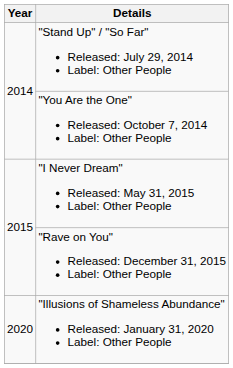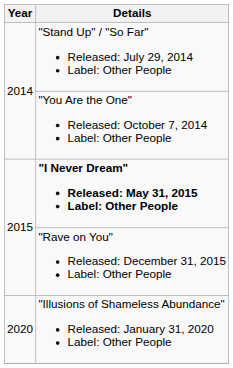 <table class="wikitable">
 <tr>
 <th>Year</th>
 <th>Details</th>
 </tr>
 <tr>
 <td rowspan="2" align="center">2014</td>
 <td>"Stand Up" / "So Far"<br><ul><li>Released: July 29, 2014</li><li>Label: Other People</li></ul></td>
 </tr>
 <tr>
 <td>"You Are the One"<br><ul><li>Released: October 7, 2014</li><li>Label: Other People</li></ul></td>
 </tr>
 <tr>
 <td rowspan="2" align="center">2015</td>
-<td>"I Never Dream"<br><ul><li>Released: May 31, 2015</li><li>Label: Other People</li></ul></td>
+<td><strong>"I Never Dream"<br><ul><li>Released: May 31, 2015</li><li>Label: Other People</li></ul></strong></td>
 </tr>
 <tr>
 <td>"Rave on You"<br><ul><li>Released: December 31, 2015</li><li>Label: Other People</li></ul></td>
 </tr>
 <tr>
 <td rowspan="1" align="center">2020</td>
 <td>"Illusions of Shameless Abundance"<br><ul><li>Released: January 31, 2020</li><li>Label: Other People</li></ul></td>
 </tr>
 <tr>
 </tr>
 </table>
